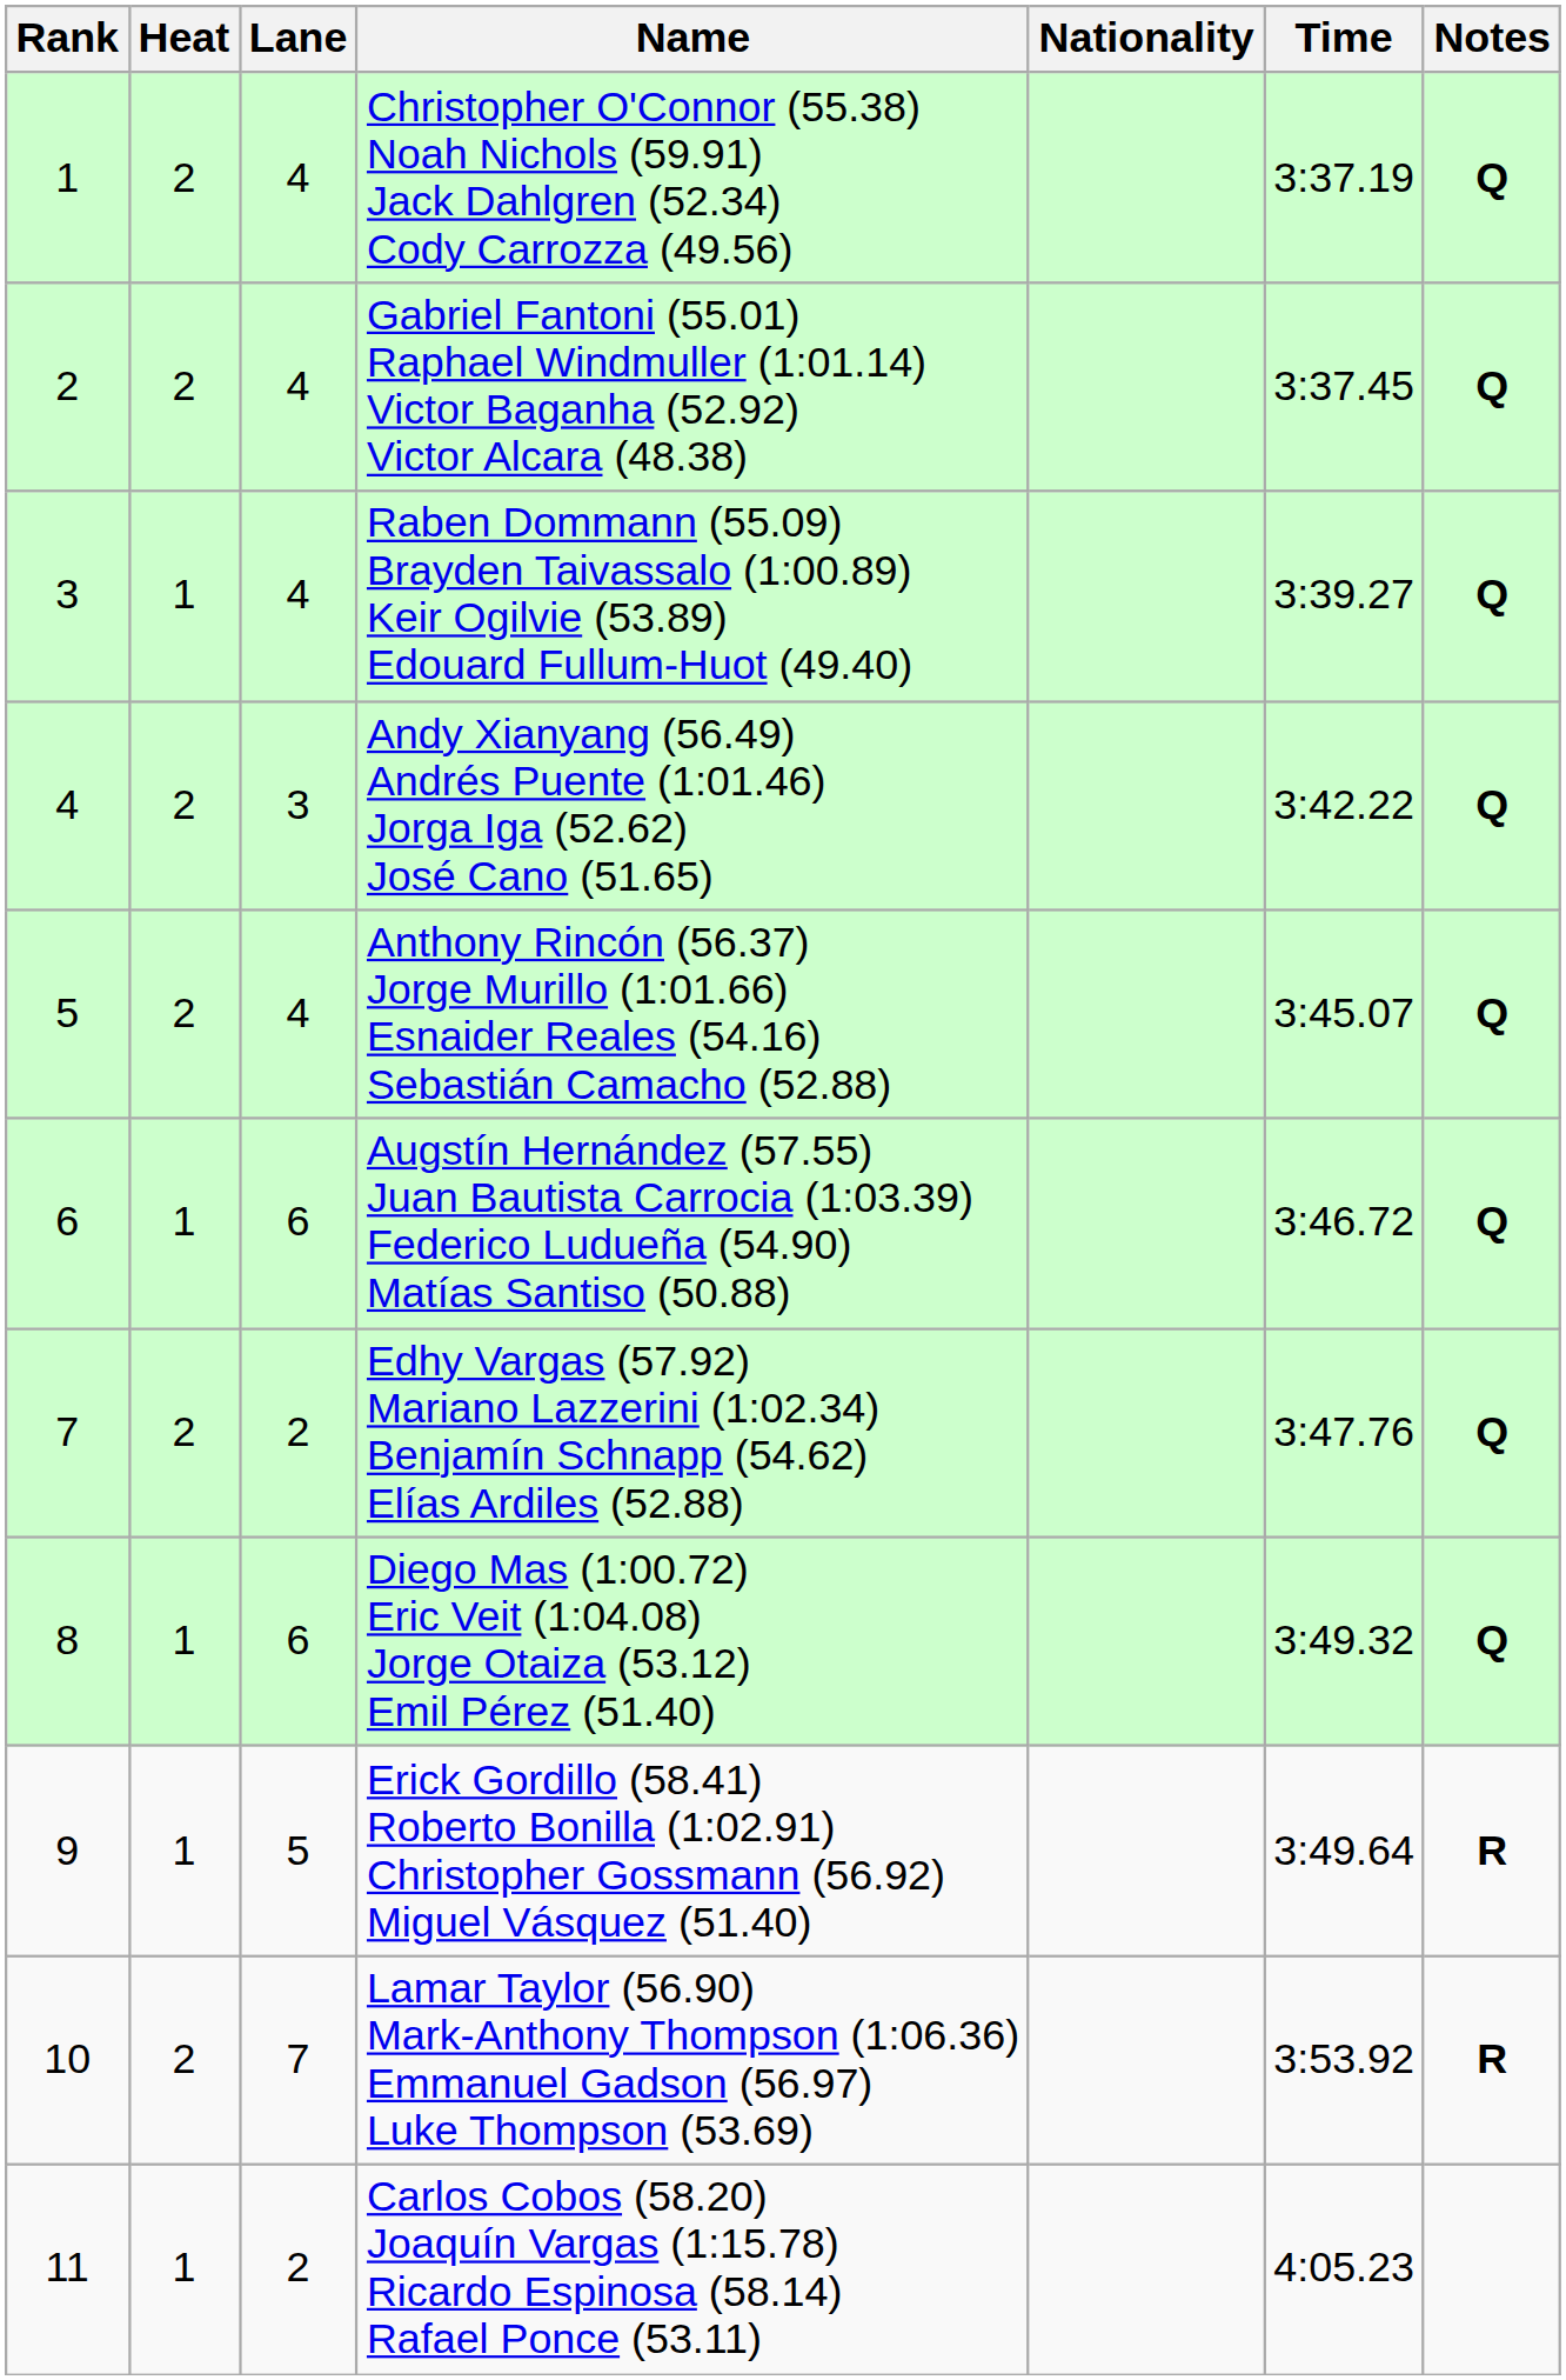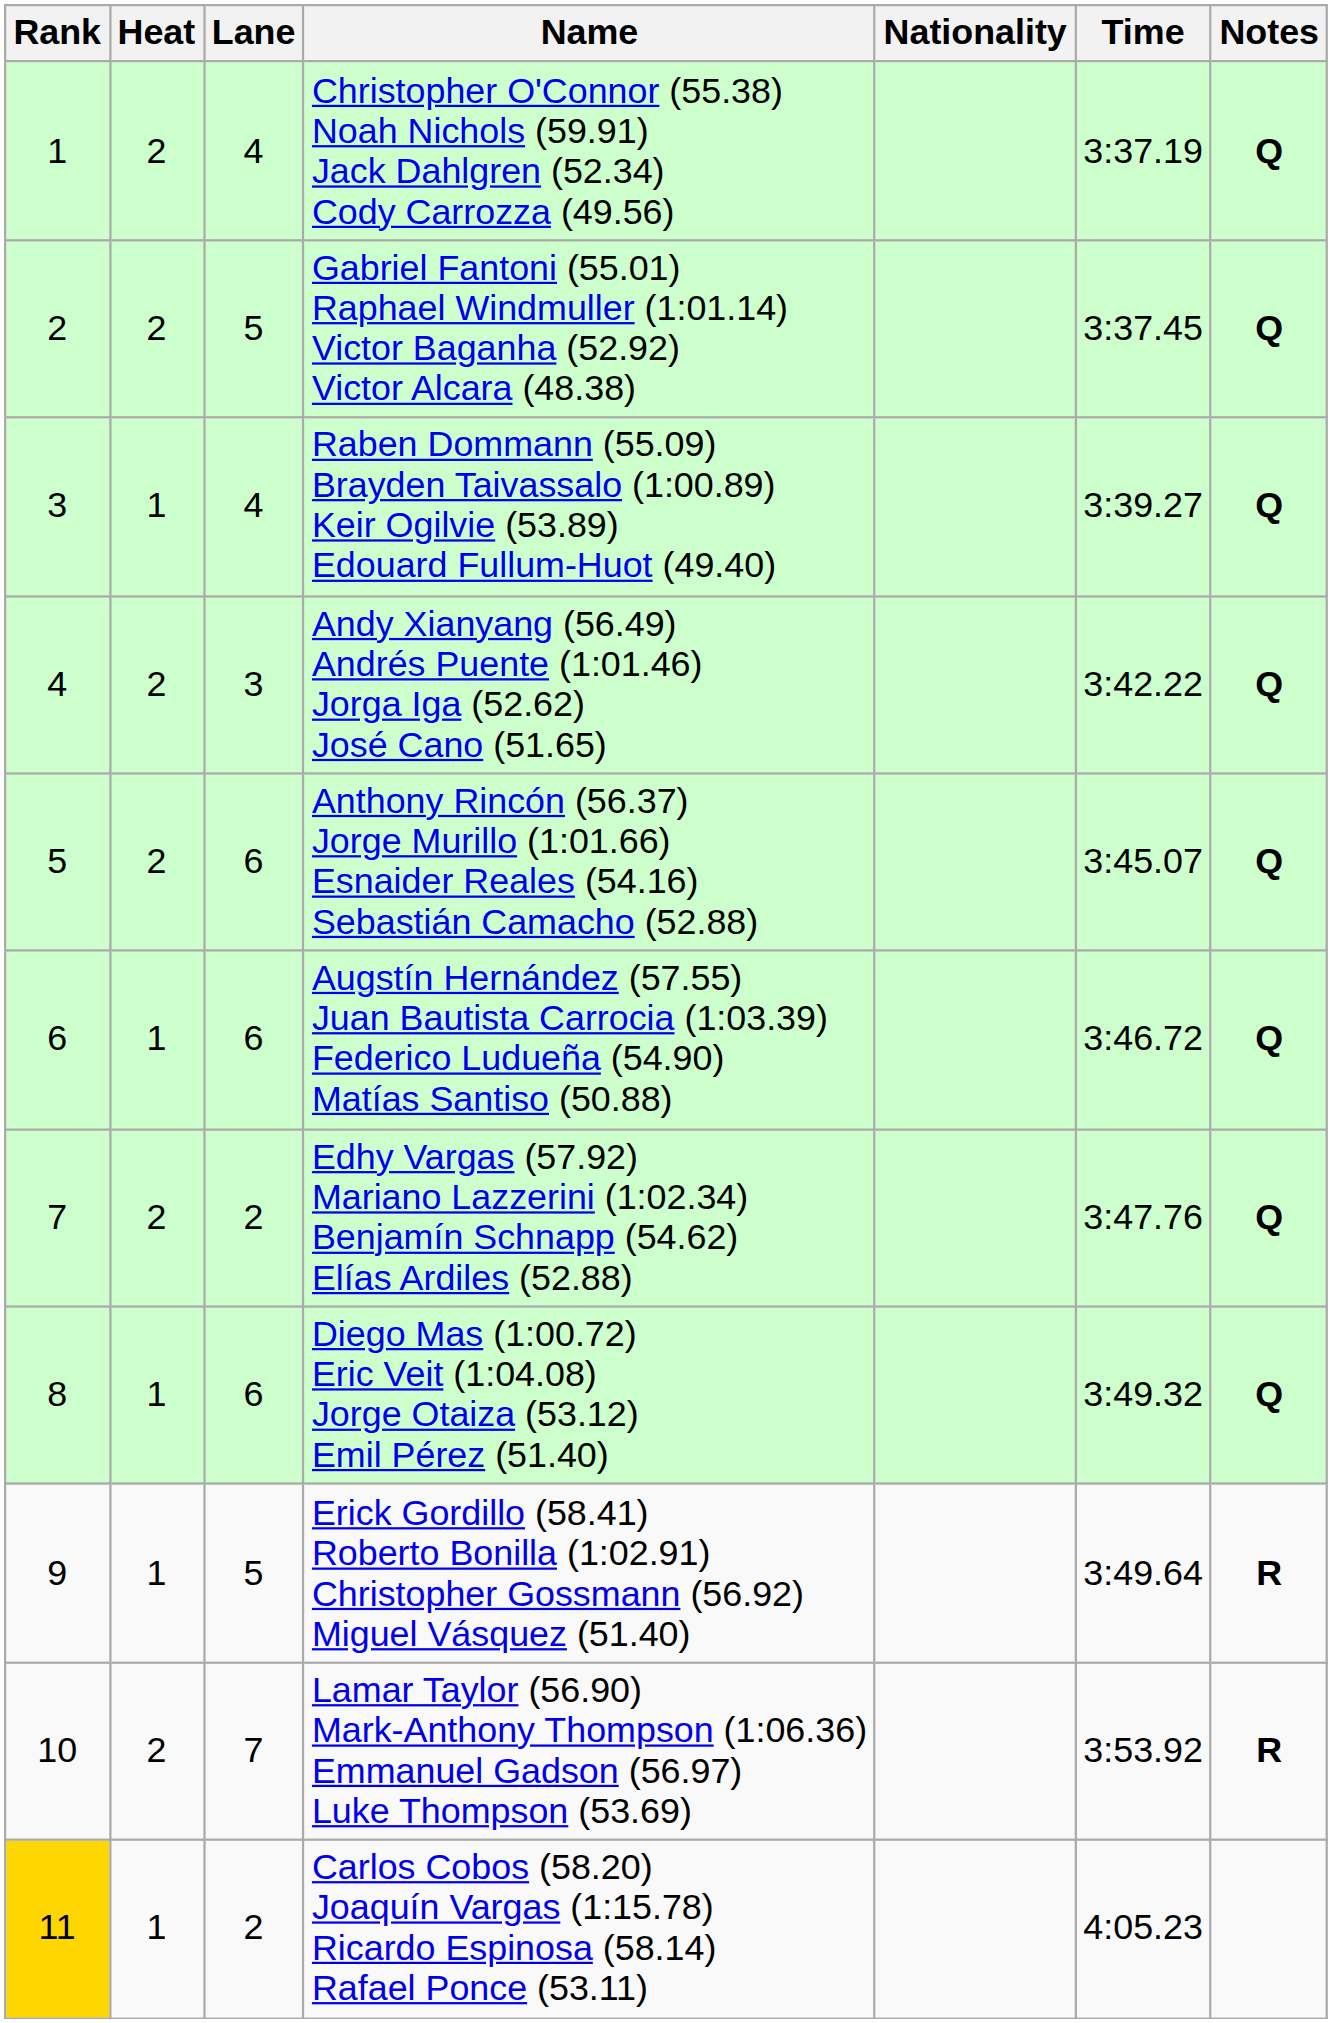 <table class="wikitable sortable" style="text-align:center">
 <tr>
 <th>Rank</th>
 <th>Heat</th>
 <th>Lane</th>
 <th>Name</th>
 <th>Nationality</th>
 <th>Time</th>
 <th>Notes</th>
 </tr>
 <tr bgcolor="ccffcc">
 <td>1</td>
 <td>2</td>
 <td>4</td>
 <td align="left"><a href='#'>Christopher O'Connor</a> (55.38)<br><a href='#'>Noah Nichols</a> (59.91)<br><a href='#'>Jack Dahlgren</a> (52.34)<br><a href='#'>Cody Carrozza</a> (49.56)</td>
 <td align="left"></td>
 <td>3:37.19</td>
 <td><strong>Q</strong></td>
 </tr>
 <tr bgcolor="ccffcc">
 <td>2</td>
 <td>2</td>
-<td>4</td>
+<td>5</td>
 <td align="left"><a href='#'>Gabriel Fantoni</a> (55.01)<br><a href='#'>Raphael Windmuller</a> (1:01.14)<br><a href='#'>Victor Baganha</a> (52.92)<br><a href='#'>Victor Alcara</a> (48.38)</td>
 <td align="left"></td>
 <td>3:37.45</td>
 <td><strong>Q</strong></td>
 </tr>
 <tr bgcolor="ccffcc">
 <td>3</td>
 <td>1</td>
 <td>4</td>
 <td align="left"><a href='#'>Raben Dommann</a> (55.09)<br><a href='#'>Brayden Taivassalo</a> (1:00.89)<br><a href='#'>Keir Ogilvie</a> (53.89)<br><a href='#'>Edouard Fullum-Huot</a> (49.40)</td>
 <td align="left"></td>
 <td>3:39.27</td>
 <td><strong>Q</strong></td>
 </tr>
 <tr bgcolor="ccffcc">
 <td>4</td>
 <td>2</td>
 <td>3</td>
 <td align="left"><a href='#'>Andy Xianyang</a> (56.49)<br><a href='#'>Andrés Puente</a> (1:01.46)<br><a href='#'>Jorga Iga</a> (52.62)<br><a href='#'>José Cano</a> (51.65)</td>
 <td align="left"></td>
 <td>3:42.22</td>
 <td><strong>Q</strong></td>
 </tr>
 <tr bgcolor="ccffcc">
 <td>5</td>
 <td>2</td>
-<td>4</td>
+<td>6</td>
 <td align="left"><a href='#'>Anthony Rincón</a> (56.37)<br><a href='#'>Jorge Murillo</a> (1:01.66)<br><a href='#'>Esnaider Reales</a> (54.16)<br><a href='#'>Sebastián Camacho</a> (52.88)</td>
 <td align="left"></td>
 <td>3:45.07</td>
 <td><strong>Q</strong></td>
 </tr>
 <tr bgcolor="ccffcc">
 <td>6</td>
 <td>1</td>
 <td>6</td>
 <td align="left"><a href='#'>Augstín Hernández</a> (57.55)<br><a href='#'>Juan Bautista Carrocia</a> (1:03.39)<br><a href='#'>Federico Ludueña</a> (54.90)<br><a href='#'>Matías Santiso</a> (50.88)</td>
 <td align="left"></td>
 <td>3:46.72</td>
 <td><strong>Q</strong></td>
 </tr>
 <tr bgcolor="ccffcc">
 <td>7</td>
 <td>2</td>
 <td>2</td>
 <td align="left"><a href='#'>Edhy Vargas</a> (57.92)<br><a href='#'>Mariano Lazzerini</a> (1:02.34)<br><a href='#'>Benjamín Schnapp</a> (54.62)<br><a href='#'>Elías Ardiles</a> (52.88)</td>
 <td align="left"></td>
 <td>3:47.76</td>
 <td><strong>Q</strong></td>
 </tr>
 <tr bgcolor="ccffcc">
 <td>8</td>
 <td>1</td>
 <td>6</td>
 <td align="left"><a href='#'>Diego Mas</a> (1:00.72)<br><a href='#'>Eric Veit</a> (1:04.08)<br><a href='#'>Jorge Otaiza</a> (53.12)<br><a href='#'>Emil Pérez</a> (51.40)</td>
 <td align="left"></td>
 <td>3:49.32</td>
 <td><strong>Q</strong></td>
 </tr>
 <tr>
 <td>9</td>
 <td>1</td>
 <td>5</td>
 <td align="left"><a href='#'>Erick Gordillo</a> (58.41)<br><a href='#'>Roberto Bonilla</a> (1:02.91)<br><a href='#'>Christopher Gossmann</a> (56.92)<br><a href='#'>Miguel Vásquez</a> (51.40)</td>
 <td align="left"></td>
 <td>3:49.64</td>
 <td><strong>R</strong></td>
 </tr>
 <tr>
 <td>10</td>
 <td>2</td>
 <td>7</td>
 <td align="left"><a href='#'>Lamar Taylor</a> (56.90)<br><a href='#'>Mark-Anthony Thompson</a> (1:06.36)<br><a href='#'>Emmanuel Gadson</a> (56.97)<br><a href='#'>Luke Thompson</a> (53.69)</td>
 <td align="left"></td>
 <td>3:53.92</td>
 <td><strong>R</strong></td>
 </tr>
 <tr>
-<td>11</td>
+<td style="background: gold;">11</td>
 <td>1</td>
 <td>2</td>
 <td align="left"><a href='#'>Carlos Cobos</a> (58.20)<br><a href='#'>Joaquín Vargas</a> (1:15.78)<br><a href='#'>Ricardo Espinosa</a> (58.14)<br><a href='#'>Rafael Ponce</a> (53.11)</td>
 <td align="left"></td>
 <td>4:05.23</td>
 <td></td>
 </tr>
 <tr>
 </tr>
 </table>
